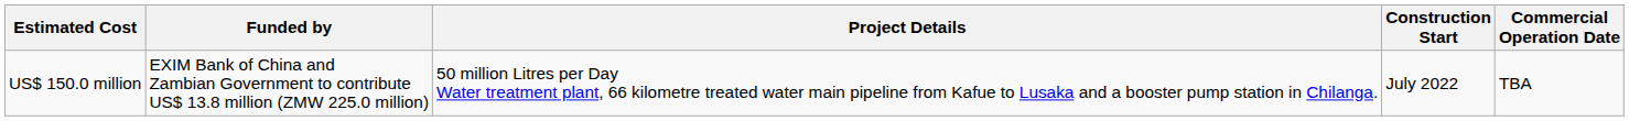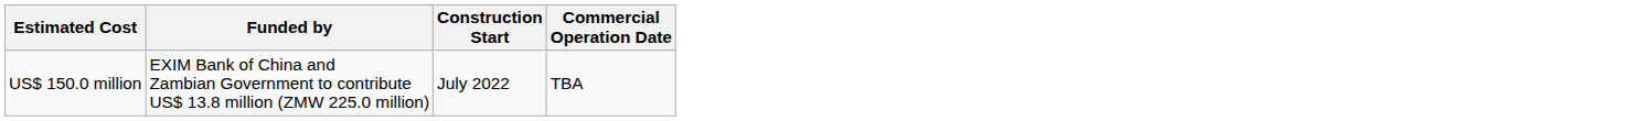 <table class="wikitable">
 <tr>
 <th>Estimated Cost</th>
 <th>Funded by</th>
-<th>Project Details</th>
 <th>Construction<br>Start</th>
 <th>Commercial<br>Operation Date</th>
 </tr>
 <tr>
 <td>US$ 150.0 million</td>
 <td>EXIM Bank of China and<br>Zambian Government to contribute<br>US$ 13.8 million (ZMW 225.0 million)</td>
-<td>50 million Litres per Day<br><a href='#'>Water treatment plant</a>, 66 kilometre treated water main pipeline from  Kafue to <a href='#'>Lusaka</a> and a booster pump station in <a href='#'>Chilanga</a>.</td>
 <td>July 2022</td>
 <td>TBA</td>
 </tr>
 </table>
